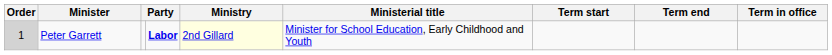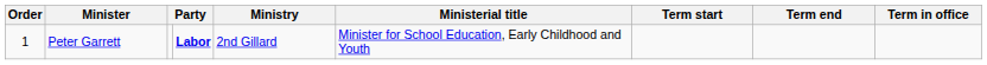 <table class="wikitable">
 <tr>
 <th width=5>Order</th>
 <th width=150>Minister</th>
 <th width=75 colspan=2>Party</th>
 <th width=150>Ministry</th>
 <th width=375>Ministerial title</th>
 <th width=150>Term start</th>
 <th width=150>Term end</th>
 <th width=130>Term in office</th>
 </tr>
 <tr>
-<td align=center style="background: lightgrey;">1</td>
+<td align=center>1</td>
 <td><a href='#'>Peter Garrett</a></td>
 <td></td>
 <td><strong><a href='#'>Labor</a></strong></td>
-<td style="background: lightyellow;"><a href='#'>2nd Gillard</a></td>
+<td><a href='#'>2nd Gillard</a></td>
 <td><a href='#'>Minister for School Education</a>, Early Childhood and <a href='#'>Youth</a></td>
 <td align=center></td>
 <td align=center></td>
 <td align=right><strong></strong></td>
 </tr>
 </table>
